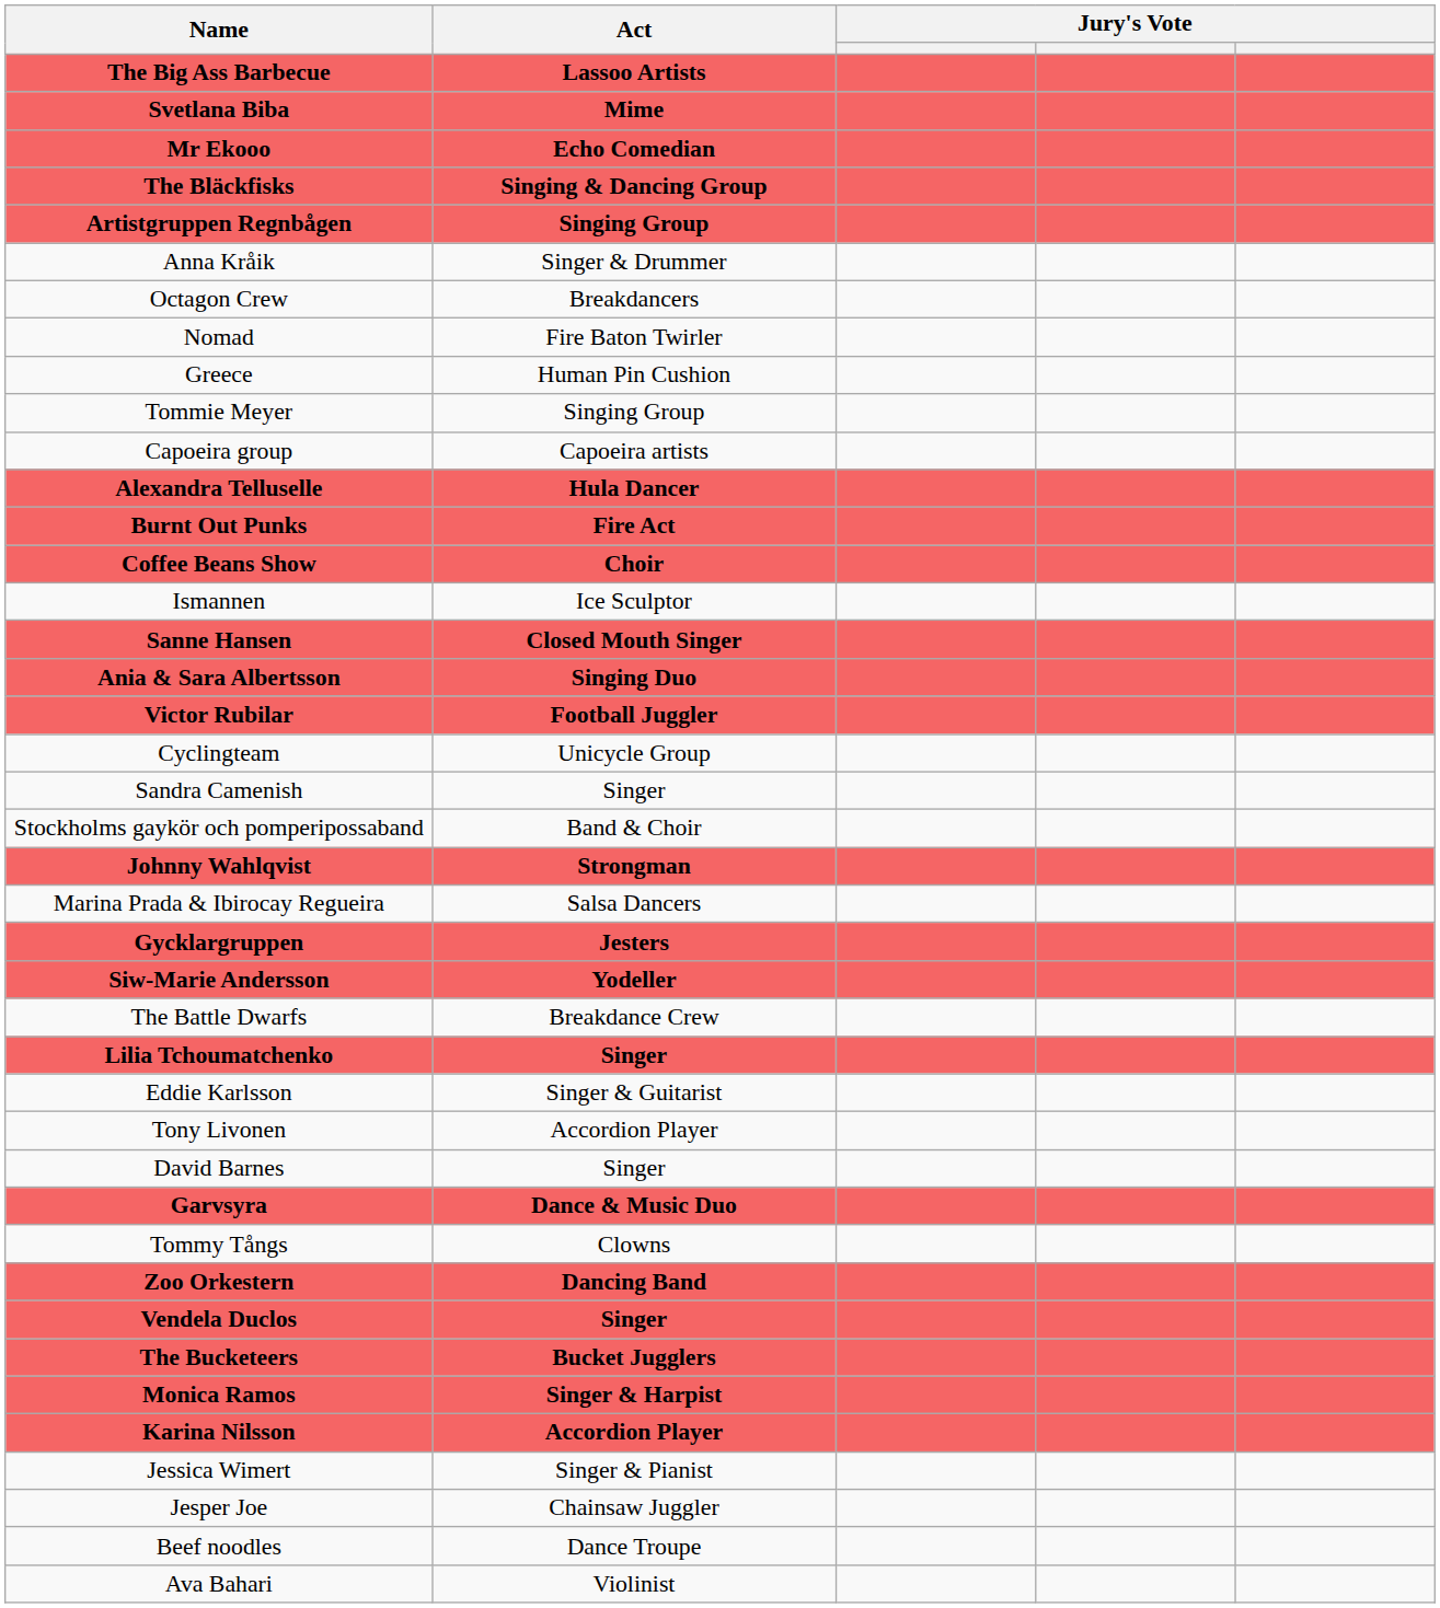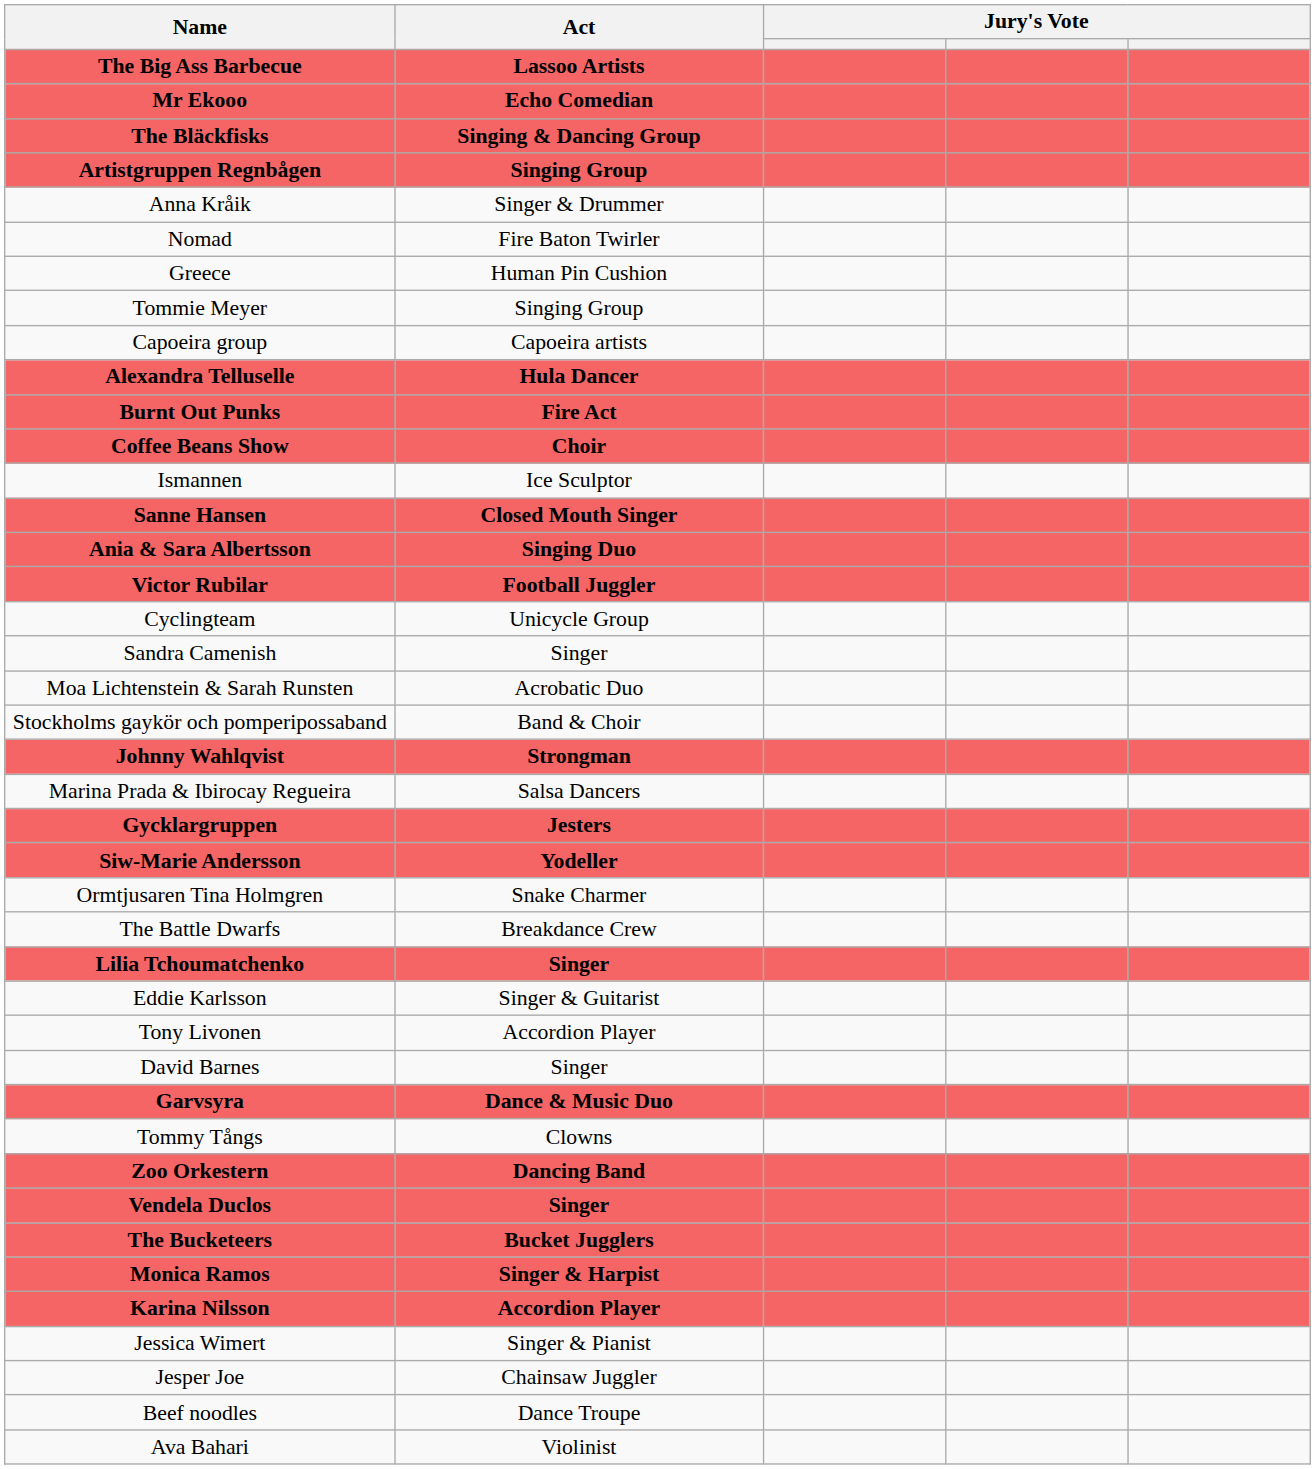 <table class="wikitable plainrowheaders sortable" style="text-align:center" width="76%;">
 <tr>
 <th scope="col" rowspan="2" class="unsortable" style="width:17em;">Name</th>
 <th scope="col" rowspan="2" class="unsortable" style="width:16em;">Act</th>
 <th scope="col" colspan="3" class="unsortable" style="width:24em;">Jury's Vote</th>
 </tr>
 <tr>
 <th scope="col" class="unsortable" style="width:6em;"></th>
 <th scope="col" class="unsortable" style="width:6em;"></th>
 <th scope="col" class="unsortable" style="width:6em;"></th>
 </tr>
 <tr style="background:#F56565">
 <td><strong>The Big Ass Barbecue</strong></td>
 <td><strong>Lassoo Artists</strong></td>
-<td style="text-align:center;"></td>
-<td style="text-align:center;"></td>
-<td style="text-align:center;"></td>
-</tr>
-<tr style="background:#F56565">
-<td><strong>Svetlana Biba</strong></td>
-<td><strong>Mime</strong></td>
 <td style="text-align:center;"></td>
 <td style="text-align:center;"></td>
 <td style="text-align:center;"></td>
 </tr>
 <tr style="background:#F56565">
 <td><strong>Mr Ekooo</strong></td>
 <td><strong>Echo Comedian</strong></td>
 <td style="text-align:center;"></td>
 <td style="text-align:center;"></td>
 <td style="text-align:center;"></td>
 </tr>
 <tr style="background:#F56565">
 <td><strong>The Bläckfisks</strong></td>
 <td><strong>Singing & Dancing Group</strong></td>
 <td style="text-align:center;"></td>
 <td style="text-align:center;"></td>
 <td style="text-align:center;"></td>
 </tr>
 <tr style="background:#F56565">
 <td><strong>Artistgruppen Regnbågen</strong></td>
 <td><strong>Singing Group</strong></td>
 <td style="text-align:center;"></td>
 <td style="text-align:center;"></td>
 <td style="text-align:center;"></td>
 </tr>
 <tr>
 <td>Anna Kråik</td>
 <td>Singer & Drummer</td>
-<td style="text-align:center;"></td>
-<td style="text-align:center;"></td>
-<td style="text-align:center;"></td>
-</tr>
-<tr>
-<td>Octagon Crew</td>
-<td>Breakdancers</td>
 <td style="text-align:center;"></td>
 <td style="text-align:center;"></td>
 <td style="text-align:center;"></td>
 </tr>
 <tr>
 <td>Nomad</td>
 <td>Fire Baton Twirler</td>
 <td style="text-align:center;"></td>
 <td style="text-align:center;"></td>
 <td style="text-align:center;"></td>
 </tr>
 <tr>
 <td>Greece</td>
 <td>Human Pin Cushion</td>
 <td style="text-align:center;"></td>
 <td style="text-align:center;"></td>
 <td style="text-align:center;"></td>
 </tr>
 <tr>
 <td>Tommie Meyer</td>
 <td>Singing Group</td>
 <td style="text-align:center;"></td>
 <td style="text-align:center;"></td>
 <td style="text-align:center;"></td>
 </tr>
 <tr>
 <td>Capoeira group</td>
 <td>Capoeira artists</td>
 <td style="text-align:center;"></td>
 <td style="text-align:center;"></td>
 <td style="text-align:center;"></td>
 </tr>
 <tr style="background:#F56565">
 <td><strong>Alexandra Telluselle</strong></td>
 <td><strong>Hula Dancer</strong></td>
 <td style="text-align:center;"></td>
 <td style="text-align:center;"></td>
 <td style="text-align:center;"></td>
 </tr>
 <tr style="background:#F56565">
 <td><strong>Burnt Out Punks</strong></td>
 <td><strong>Fire Act</strong></td>
 <td style="text-align:center;"></td>
 <td style="text-align:center;"></td>
 <td style="text-align:center;"></td>
 </tr>
 <tr style="background:#F56565">
 <td><strong>Coffee Beans Show</strong></td>
 <td><strong>Choir</strong></td>
 <td style="text-align:center;"></td>
 <td style="text-align:center;"></td>
 <td style="text-align:center;"></td>
 </tr>
 <tr>
 <td>Ismannen</td>
 <td>Ice Sculptor</td>
 <td style="text-align:center;"></td>
 <td style="text-align:center;"></td>
 <td style="text-align:center;"></td>
 </tr>
 <tr style="background:#F56565">
 <td><strong>Sanne Hansen</strong></td>
 <td><strong>Closed Mouth Singer</strong></td>
 <td style="text-align:center;"></td>
 <td style="text-align:center;"></td>
 <td style="text-align:center;"></td>
 </tr>
 <tr style="background:#F56565">
 <td><strong>Ania & Sara Albertsson</strong></td>
 <td><strong>Singing Duo</strong></td>
 <td style="text-align:center;"></td>
 <td style="text-align:center;"></td>
 <td style="text-align:center;"></td>
 </tr>
 <tr style="background:#F56565">
 <td><strong>Victor Rubilar</strong></td>
 <td><strong>Football Juggler</strong></td>
 <td style="text-align:center;"></td>
 <td style="text-align:center;"></td>
 <td style="text-align:center;"></td>
 </tr>
 <tr>
 <td>Cyclingteam</td>
 <td>Unicycle Group</td>
 <td style="text-align:center;"></td>
 <td style="text-align:center;"></td>
 <td style="text-align:center;"></td>
 </tr>
 <tr>
 <td>Sandra Camenish</td>
 <td>Singer</td>
 <td style="text-align:center;"></td>
 <td style="text-align:center;"></td>
 <td style="text-align:center;"></td>
 </tr>
 <tr>
+<td>Moa Lichtenstein & Sarah Runsten</td>
+<td>Acrobatic Duo</td>
+<td style="text-align:center;"></td>
+<td style="text-align:center;"></td>
+<td style="text-align:center;"></td>
+</tr>
+<tr>
 <td>Stockholms gaykör och pomperipossaband</td>
 <td>Band & Choir</td>
 <td style="text-align:center;"></td>
 <td style="text-align:center;"></td>
 <td style="text-align:center;"></td>
 </tr>
 <tr style="background:#F56565">
 <td><strong>Johnny Wahlqvist</strong></td>
 <td><strong>Strongman</strong></td>
 <td style="text-align:center;"></td>
 <td style="text-align:center;"></td>
 <td style="text-align:center;"></td>
 </tr>
 <tr>
 <td>Marina Prada & Ibirocay Regueira</td>
 <td>Salsa Dancers</td>
 <td style="text-align:center;"></td>
 <td style="text-align:center;"></td>
 <td style="text-align:center;"></td>
 </tr>
 <tr style="background:#F56565">
 <td><strong>Gycklargruppen</strong></td>
 <td><strong>Jesters</strong></td>
 <td style="text-align:center;"></td>
 <td style="text-align:center;"></td>
 <td style="text-align:center;"></td>
 </tr>
 <tr style="background:#F56565">
 <td><strong>Siw-Marie Andersson</strong></td>
 <td><strong>Yodeller</strong></td>
+<td style="text-align:center;"></td>
+<td style="text-align:center;"></td>
+<td style="text-align:center;"></td>
+</tr>
+<tr>
+<td>Ormtjusaren Tina Holmgren</td>
+<td>Snake Charmer</td>
 <td style="text-align:center;"></td>
 <td style="text-align:center;"></td>
 <td style="text-align:center;"></td>
 </tr>
 <tr>
 <td>The Battle Dwarfs</td>
 <td>Breakdance Crew</td>
 <td style="text-align:center;"></td>
 <td style="text-align:center;"></td>
 <td style="text-align:center;"></td>
 </tr>
 <tr style="background:#F56565">
 <td><strong>Lilia Tchoumatchenko</strong></td>
 <td><strong>Singer</strong></td>
 <td style="text-align:center;"></td>
 <td style="text-align:center;"></td>
 <td style="text-align:center;"></td>
 </tr>
 <tr>
 <td>Eddie Karlsson</td>
 <td>Singer & Guitarist</td>
 <td style="text-align:center;"></td>
 <td style="text-align:center;"></td>
 <td style="text-align:center;"></td>
 </tr>
 <tr>
 <td>Tony Livonen</td>
 <td>Accordion Player</td>
 <td style="text-align:center;"></td>
 <td style="text-align:center;"></td>
 <td style="text-align:center;"></td>
 </tr>
 <tr>
 <td>David Barnes</td>
 <td>Singer</td>
 <td style="text-align:center;"></td>
 <td style="text-align:center;"></td>
 <td style="text-align:center;"></td>
 </tr>
 <tr style="background:#F56565">
 <td><strong>Garvsyra</strong></td>
 <td><strong>Dance & Music Duo</strong></td>
 <td style="text-align:center;"></td>
 <td style="text-align:center;"></td>
 <td style="text-align:center;"></td>
 </tr>
 <tr>
 <td>Tommy Tångs</td>
 <td>Clowns</td>
 <td style="text-align:center;"></td>
 <td style="text-align:center;"></td>
 <td style="text-align:center;"></td>
 </tr>
 <tr style="background:#F56565">
 <td><strong>Zoo Orkestern</strong></td>
 <td><strong>Dancing Band</strong></td>
 <td style="text-align:center;"></td>
 <td style="text-align:center;"></td>
 <td style="text-align:center;"></td>
 </tr>
 <tr style="background:#F56565">
 <td><strong>Vendela Duclos</strong></td>
 <td><strong>Singer</strong></td>
 <td style="text-align:center;"></td>
 <td style="text-align:center;"></td>
 <td style="text-align:center;"></td>
 </tr>
 <tr style="background:#F56565">
 <td><strong>The Bucketeers</strong></td>
 <td><strong>Bucket Jugglers</strong></td>
 <td style="text-align:center;"></td>
 <td style="text-align:center;"></td>
 <td style="text-align:center;"></td>
 </tr>
 <tr style="background:#F56565">
 <td><strong>Monica Ramos</strong></td>
 <td><strong>Singer & Harpist</strong></td>
 <td style="text-align:center;"></td>
 <td style="text-align:center;"></td>
 <td style="text-align:center;"></td>
 </tr>
 <tr style="background:#F56565">
 <td><strong>Karina Nilsson</strong></td>
 <td><strong>Accordion Player</strong></td>
 <td style="text-align:center;"></td>
 <td style="text-align:center;"></td>
 <td style="text-align:center;"></td>
 </tr>
 <tr>
 <td>Jessica Wimert</td>
 <td>Singer & Pianist</td>
 <td style="text-align:center;"></td>
 <td style="text-align:center;"></td>
 <td style="text-align:center;"></td>
 </tr>
 <tr>
 <td>Jesper Joe</td>
 <td>Chainsaw Juggler</td>
 <td style="text-align:center;"></td>
 <td style="text-align:center;"></td>
 <td style="text-align:center;"></td>
 </tr>
 <tr>
 <td>Beef noodles</td>
 <td>Dance Troupe</td>
 <td style="text-align:center;"></td>
 <td style="text-align:center;"></td>
 <td style="text-align:center;"></td>
 </tr>
 <tr>
 <td>Ava Bahari</td>
 <td>Violinist</td>
 <td style="text-align:center;"></td>
 <td style="text-align:center;"></td>
 <td style="text-align:center;"></td>
 </tr>
 </table>
